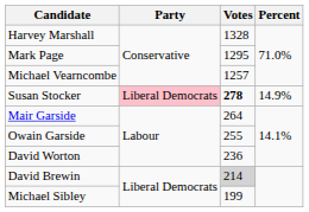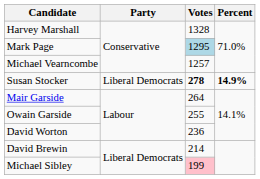 <table class="wikitable">
 <tr>
 <th>Candidate</th>
 <th>Party</th>
 <th>Votes</th>
 <th>Percent</th>
 </tr>
 <tr>
 <td>Harvey Marshall</td>
 <td rowspan="3">Conservative</td>
 <td>1328</td>
 <td rowspan="3">71.0%</td>
 </tr>
 <tr>
 <td>Mark Page</td>
-<td>1295</td>
+<td style="background: lightblue;">1295</td>
 </tr>
 <tr>
 <td>Michael Vearncombe</td>
 <td>1257</td>
 </tr>
 <tr>
 <td>Susan Stocker</td>
-<td style="background: pink;">Liberal Democrats</td>
+<td>Liberal Democrats</td>
 <td><strong>278</strong></td>
-<td>14.9%</td>
+<td><strong>14.9%</strong></td>
 </tr>
 <tr>
 <td><a href='#'>Mair Garside</a></td>
 <td rowspan="3">Labour</td>
 <td>264</td>
 <td rowspan="3">14.1%</td>
 </tr>
 <tr>
 <td>Owain Garside</td>
 <td>255</td>
 </tr>
 <tr>
 <td>David Worton</td>
 <td>236</td>
 </tr>
 <tr>
 <td>David Brewin</td>
 <td rowspan="2">Liberal Democrats</td>
-<td style="background: lightgrey;">214</td>
+<td>214</td>
 <td rowspan="2"></td>
 </tr>
 <tr>
 <td>Michael Sibley</td>
-<td>199</td>
+<td style="background: pink;">199</td>
 </tr>
 </table>
